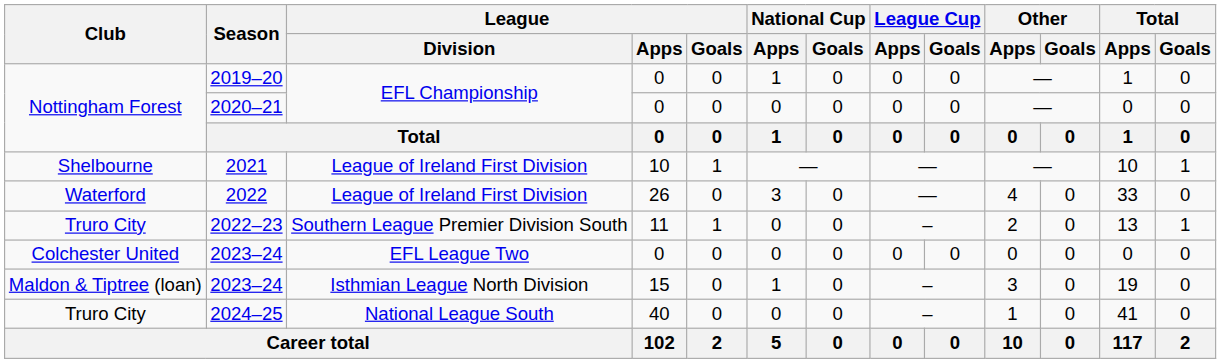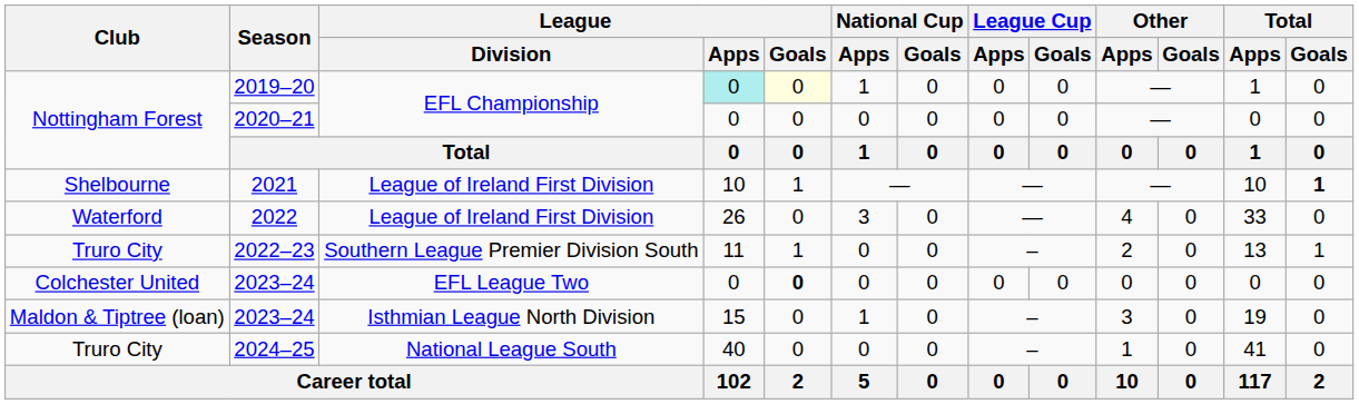 <table class="wikitable" style="text-align:center">
 <tr>
 <th rowspan="2">Club</th>
 <th rowspan="2">Season</th>
 <th colspan="3">League</th>
 <th colspan="2">National Cup</th>
 <th colspan="2"><a href='#'>League Cup</a></th>
 <th colspan="2">Other</th>
 <th colspan="2">Total</th>
 </tr>
 <tr>
 <th>Division</th>
 <th>Apps</th>
 <th>Goals</th>
 <th>Apps</th>
 <th>Goals</th>
 <th>Apps</th>
 <th>Goals</th>
 <th>Apps</th>
 <th>Goals</th>
 <th>Apps</th>
 <th>Goals</th>
 </tr>
 <tr>
 <td rowspan="3"><a href='#'>Nottingham Forest</a></td>
 <td><a href='#'>2019–20</a></td>
 <td rowspan="2"><a href='#'>EFL Championship</a></td>
-<td>0</td>
-<td>0</td>
+<td style="background: paleturquoise;">0</td>
+<td style="background: lightyellow;">0</td>
 <td>1</td>
 <td>0</td>
 <td>0</td>
 <td>0</td>
 <td colspan="2">—</td>
 <td>1</td>
 <td>0</td>
 </tr>
 <tr>
 <td><a href='#'>2020–21</a></td>
 <td>0</td>
 <td>0</td>
 <td>0</td>
 <td>0</td>
 <td>0</td>
 <td>0</td>
 <td colspan="2">—</td>
 <td>0</td>
 <td>0</td>
 </tr>
 <tr>
 <th colspan="2">Total</th>
 <th>0</th>
 <th>0</th>
 <th>1</th>
 <th>0</th>
 <th>0</th>
 <th>0</th>
 <th>0</th>
 <th>0</th>
 <th>1</th>
 <th>0</th>
 </tr>
 <tr>
 <td><a href='#'>Shelbourne</a></td>
 <td><a href='#'>2021</a></td>
 <td><a href='#'>League of Ireland First Division</a></td>
 <td>10</td>
 <td>1</td>
 <td colspan="2">—</td>
 <td colspan="2">—</td>
 <td colspan="2">—</td>
 <td>10</td>
-<td>1</td>
+<td><strong>1</strong></td>
 </tr>
 <tr>
 <td><a href='#'>Waterford</a></td>
 <td><a href='#'>2022</a></td>
 <td><a href='#'>League of Ireland First Division</a></td>
 <td>26</td>
 <td>0</td>
 <td>3</td>
 <td>0</td>
 <td colspan="2">—</td>
 <td>4</td>
 <td>0</td>
 <td>33</td>
 <td>0</td>
 </tr>
 <tr>
 <td><a href='#'>Truro City</a></td>
 <td><a href='#'>2022–23</a></td>
 <td><a href='#'>Southern League</a> Premier Division South</td>
 <td>11</td>
 <td>1</td>
 <td>0</td>
 <td>0</td>
 <td colspan="2">–</td>
 <td>2</td>
 <td>0</td>
 <td>13</td>
 <td>1</td>
 </tr>
 <tr>
 <td><a href='#'>Colchester United</a></td>
 <td><a href='#'>2023–24</a></td>
 <td><a href='#'>EFL League Two</a></td>
 <td>0</td>
-<td>0</td>
+<td><strong>0</strong></td>
 <td>0</td>
 <td>0</td>
 <td>0</td>
 <td>0</td>
 <td>0</td>
 <td>0</td>
 <td>0</td>
 <td>0</td>
 </tr>
 <tr>
 <td><a href='#'>Maldon & Tiptree</a> (loan)</td>
 <td><a href='#'>2023–24</a></td>
 <td><a href='#'>Isthmian League</a> North Division</td>
 <td>15</td>
 <td>0</td>
 <td>1</td>
 <td>0</td>
 <td colspan="2">–</td>
 <td>3</td>
 <td>0</td>
 <td>19</td>
 <td>0</td>
 </tr>
 <tr>
 <td>Truro City</td>
 <td><a href='#'>2024–25</a></td>
 <td><a href='#'>National League South</a></td>
 <td>40</td>
 <td>0</td>
 <td>0</td>
 <td>0</td>
 <td colspan="2">–</td>
 <td>1</td>
 <td>0</td>
 <td>41</td>
 <td>0</td>
 </tr>
 <tr>
 <th colspan="3">Career total</th>
 <th>102</th>
 <th>2</th>
 <th>5</th>
 <th>0</th>
 <th>0</th>
 <th>0</th>
 <th>10</th>
 <th>0</th>
 <th>117</th>
 <th>2</th>
 </tr>
 </table>
